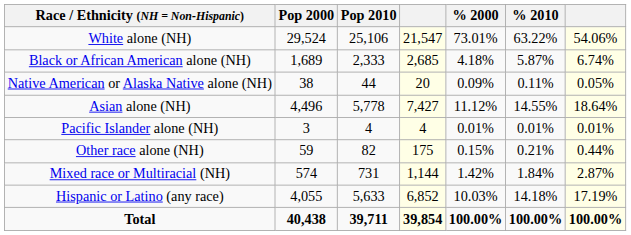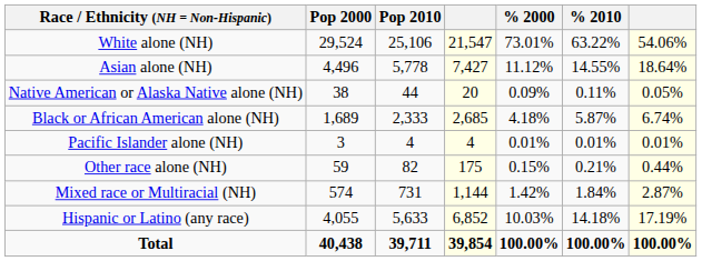 <table class="wikitable" style="text-align:center;">
 <tr>
 <th>Race / Ethnicity <small>(<em>NH = Non-Hispanic</em>)</small></th>
 <th>Pop 2000</th>
 <th>Pop 2010</th>
 <th></th>
 <th>% 2000</th>
 <th>% 2010</th>
 <th></th>
 </tr>
 <tr>
 <td><a href='#'>White</a> alone (NH)</td>
 <td>29,524</td>
 <td>25,106</td>
 <td style='background: #ffffe6;'>21,547</td>
 <td>73.01%</td>
 <td>63.22%</td>
 <td style='background: #ffffe6;'>54.06%</td>
 </tr>
 <tr>
-<td><a href='#'>Black or African American</a> alone (NH)</td>
-<td>1,689</td>
-<td>2,333</td>
-<td style='background: #ffffe6;'>2,685</td>
-<td>4.18%</td>
-<td>5.87%</td>
-<td style='background: #ffffe6;'>6.74%</td>
+<td><a href='#'>Asian</a> alone (NH)</td>
+<td>4,496</td>
+<td>5,778</td>
+<td style='background: #ffffe6;'>7,427</td>
+<td>11.12%</td>
+<td>14.55%</td>
+<td style='background: #ffffe6;'>18.64%</td>
 </tr>
 <tr>
 <td><a href='#'>Native American</a> or <a href='#'>Alaska Native</a> alone (NH)</td>
 <td>38</td>
 <td>44</td>
 <td style='background: #ffffe6;'>20</td>
 <td>0.09%</td>
 <td>0.11%</td>
 <td style='background: #ffffe6;'>0.05%</td>
 </tr>
 <tr>
-<td><a href='#'>Asian</a> alone (NH)</td>
-<td>4,496</td>
-<td>5,778</td>
-<td style='background: #ffffe6;'>7,427</td>
-<td>11.12%</td>
-<td>14.55%</td>
-<td style='background: #ffffe6;'>18.64%</td>
+<td><a href='#'>Black or African American</a> alone (NH)</td>
+<td>1,689</td>
+<td>2,333</td>
+<td style='background: #ffffe6;'>2,685</td>
+<td>4.18%</td>
+<td>5.87%</td>
+<td style='background: #ffffe6;'>6.74%</td>
 </tr>
 <tr>
 <td><a href='#'>Pacific Islander</a> alone (NH)</td>
 <td>3</td>
 <td>4</td>
 <td style='background: #ffffe6;'>4</td>
 <td>0.01%</td>
 <td>0.01%</td>
 <td style='background: #ffffe6;'>0.01%</td>
 </tr>
 <tr>
 <td><a href='#'>Other race</a> alone (NH)</td>
 <td>59</td>
 <td>82</td>
 <td style='background: #ffffe6;'>175</td>
 <td>0.15%</td>
 <td>0.21%</td>
 <td style='background: #ffffe6;'>0.44%</td>
 </tr>
 <tr>
 <td><a href='#'>Mixed race or Multiracial</a> (NH)</td>
 <td>574</td>
 <td>731</td>
 <td style='background: #ffffe6;'>1,144</td>
 <td>1.42%</td>
 <td>1.84%</td>
 <td style='background: #ffffe6;'>2.87%</td>
 </tr>
 <tr>
 <td><a href='#'>Hispanic or Latino</a> (any race)</td>
 <td>4,055</td>
 <td>5,633</td>
 <td style='background: #ffffe6;'>6,852</td>
 <td>10.03%</td>
 <td>14.18%</td>
 <td style='background: #ffffe6;'>17.19%</td>
 </tr>
 <tr>
 <td><strong>Total</strong></td>
 <td><strong>40,438</strong></td>
 <td><strong>39,711</strong></td>
 <td style='background: #ffffe6;'><strong>39,854</strong></td>
 <td><strong>100.00%</strong></td>
 <td><strong>100.00%</strong></td>
 <td style='background: #ffffe6;'><strong>100.00%</strong></td>
 </tr>
 </table>
